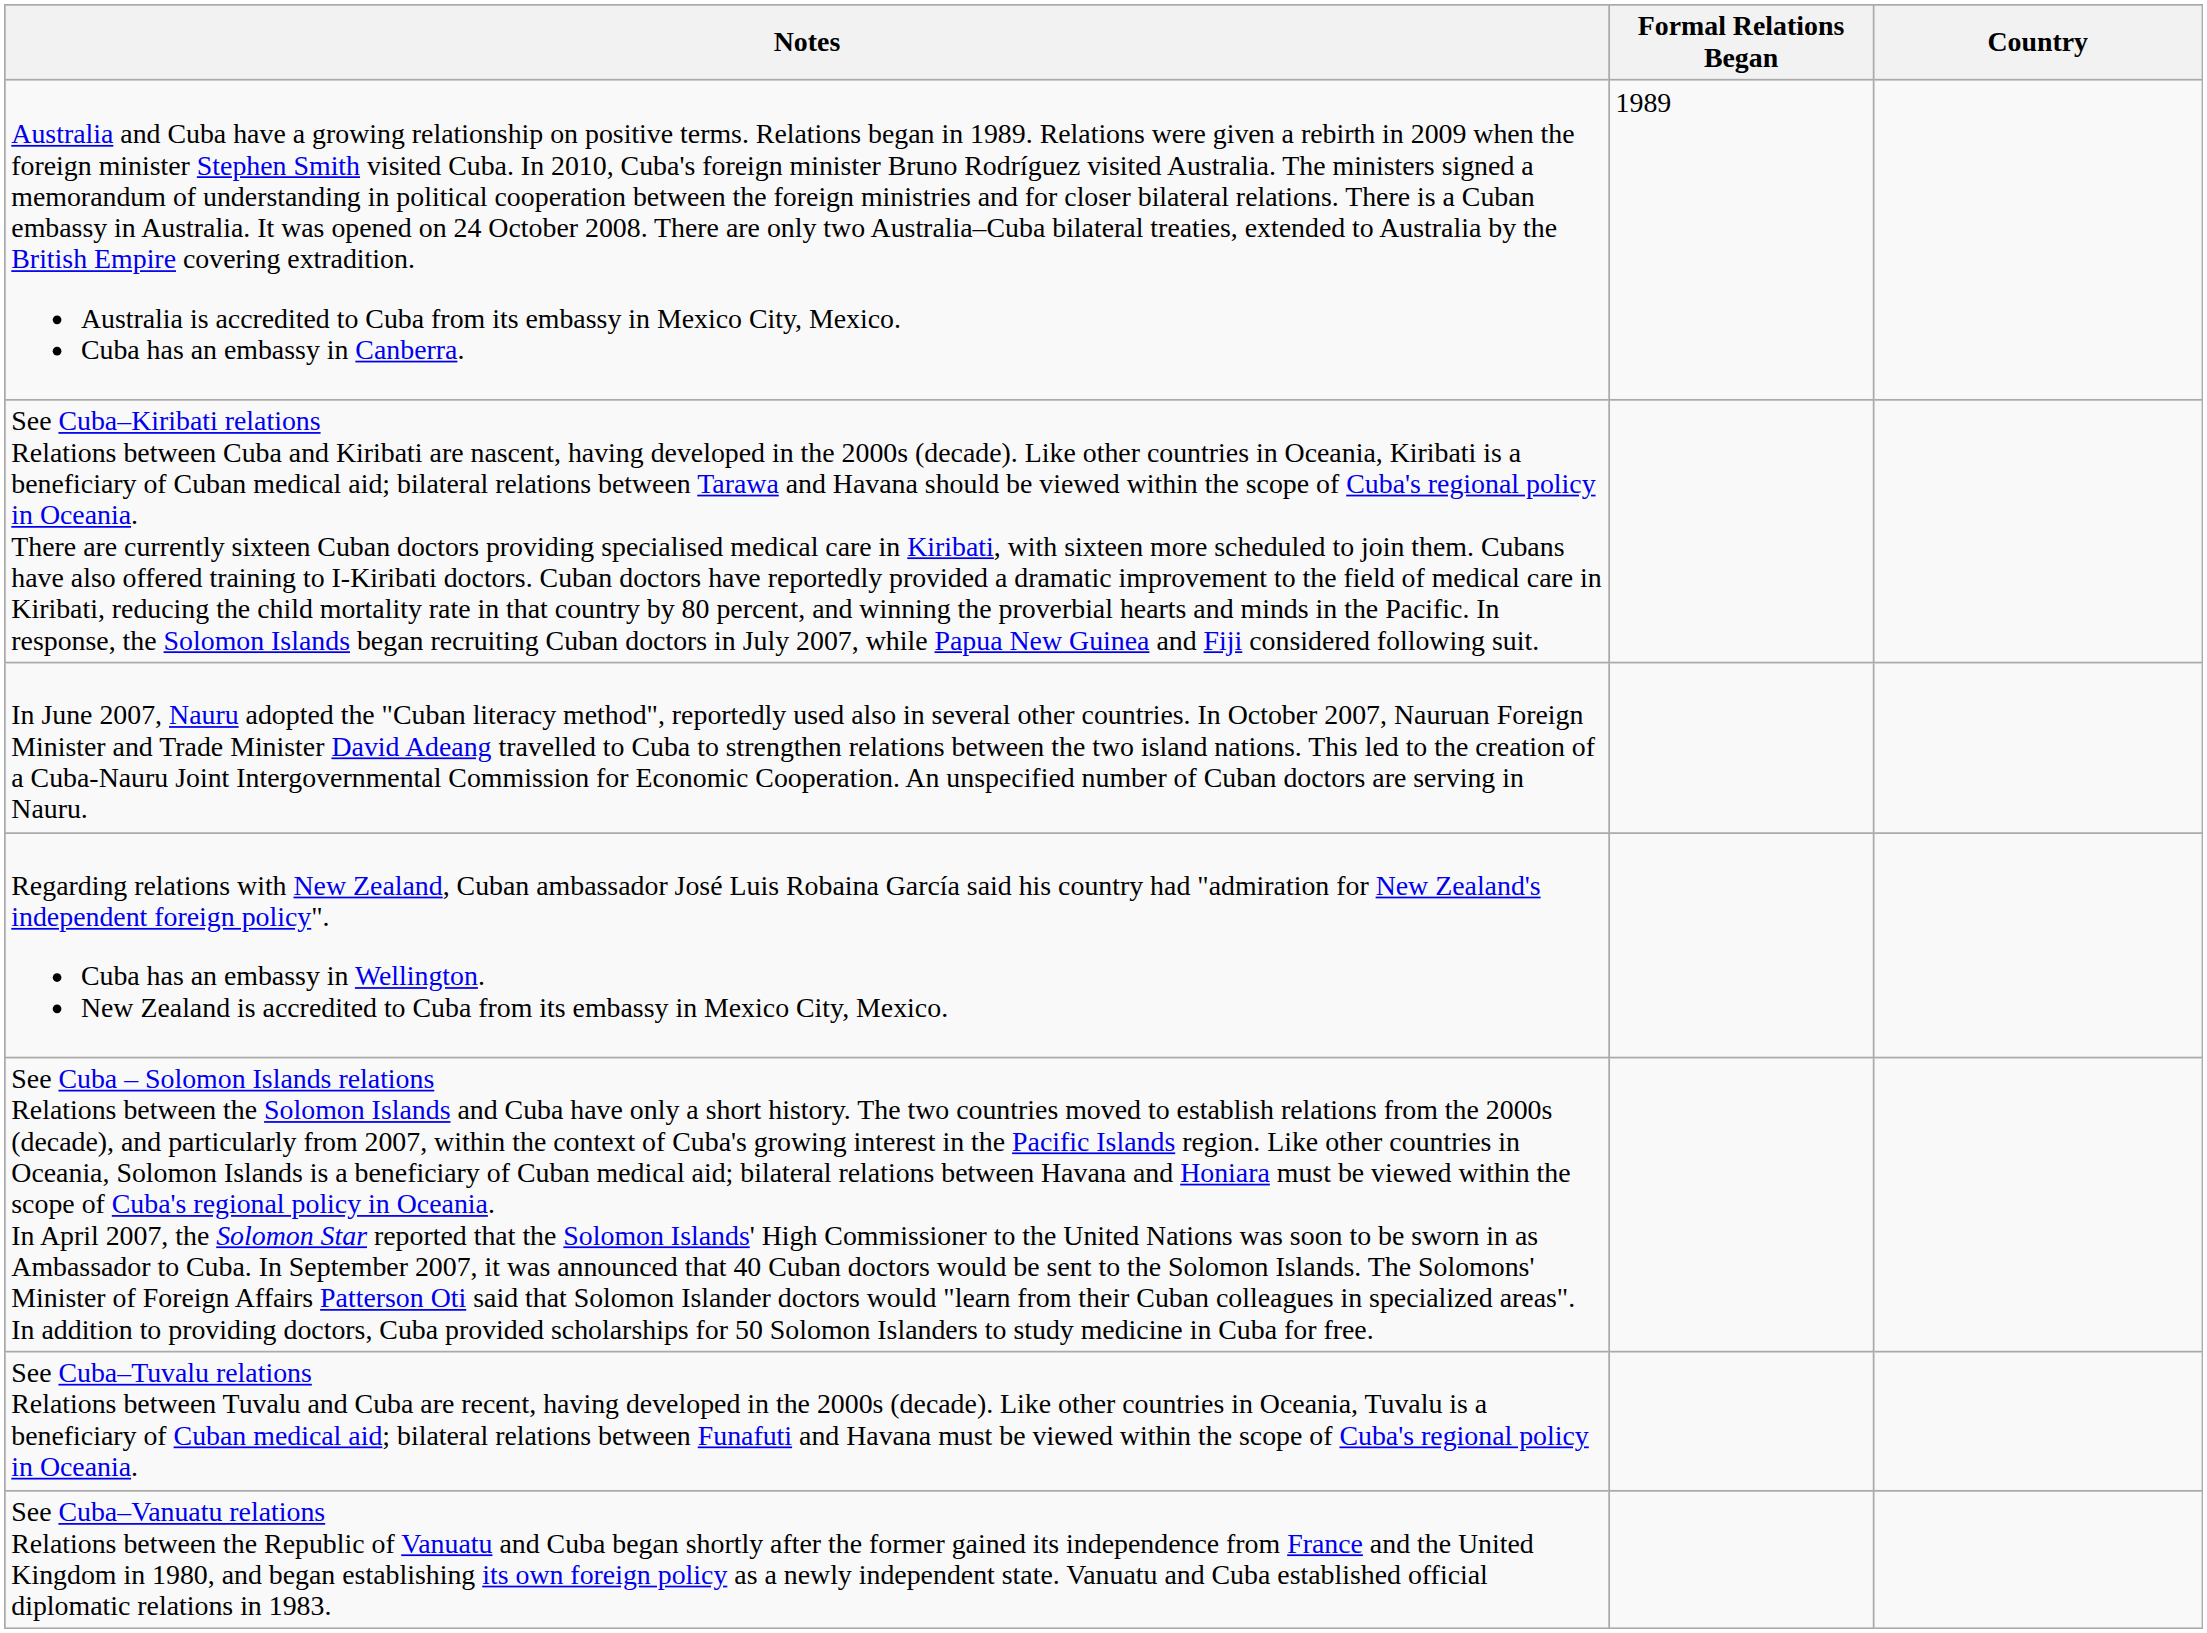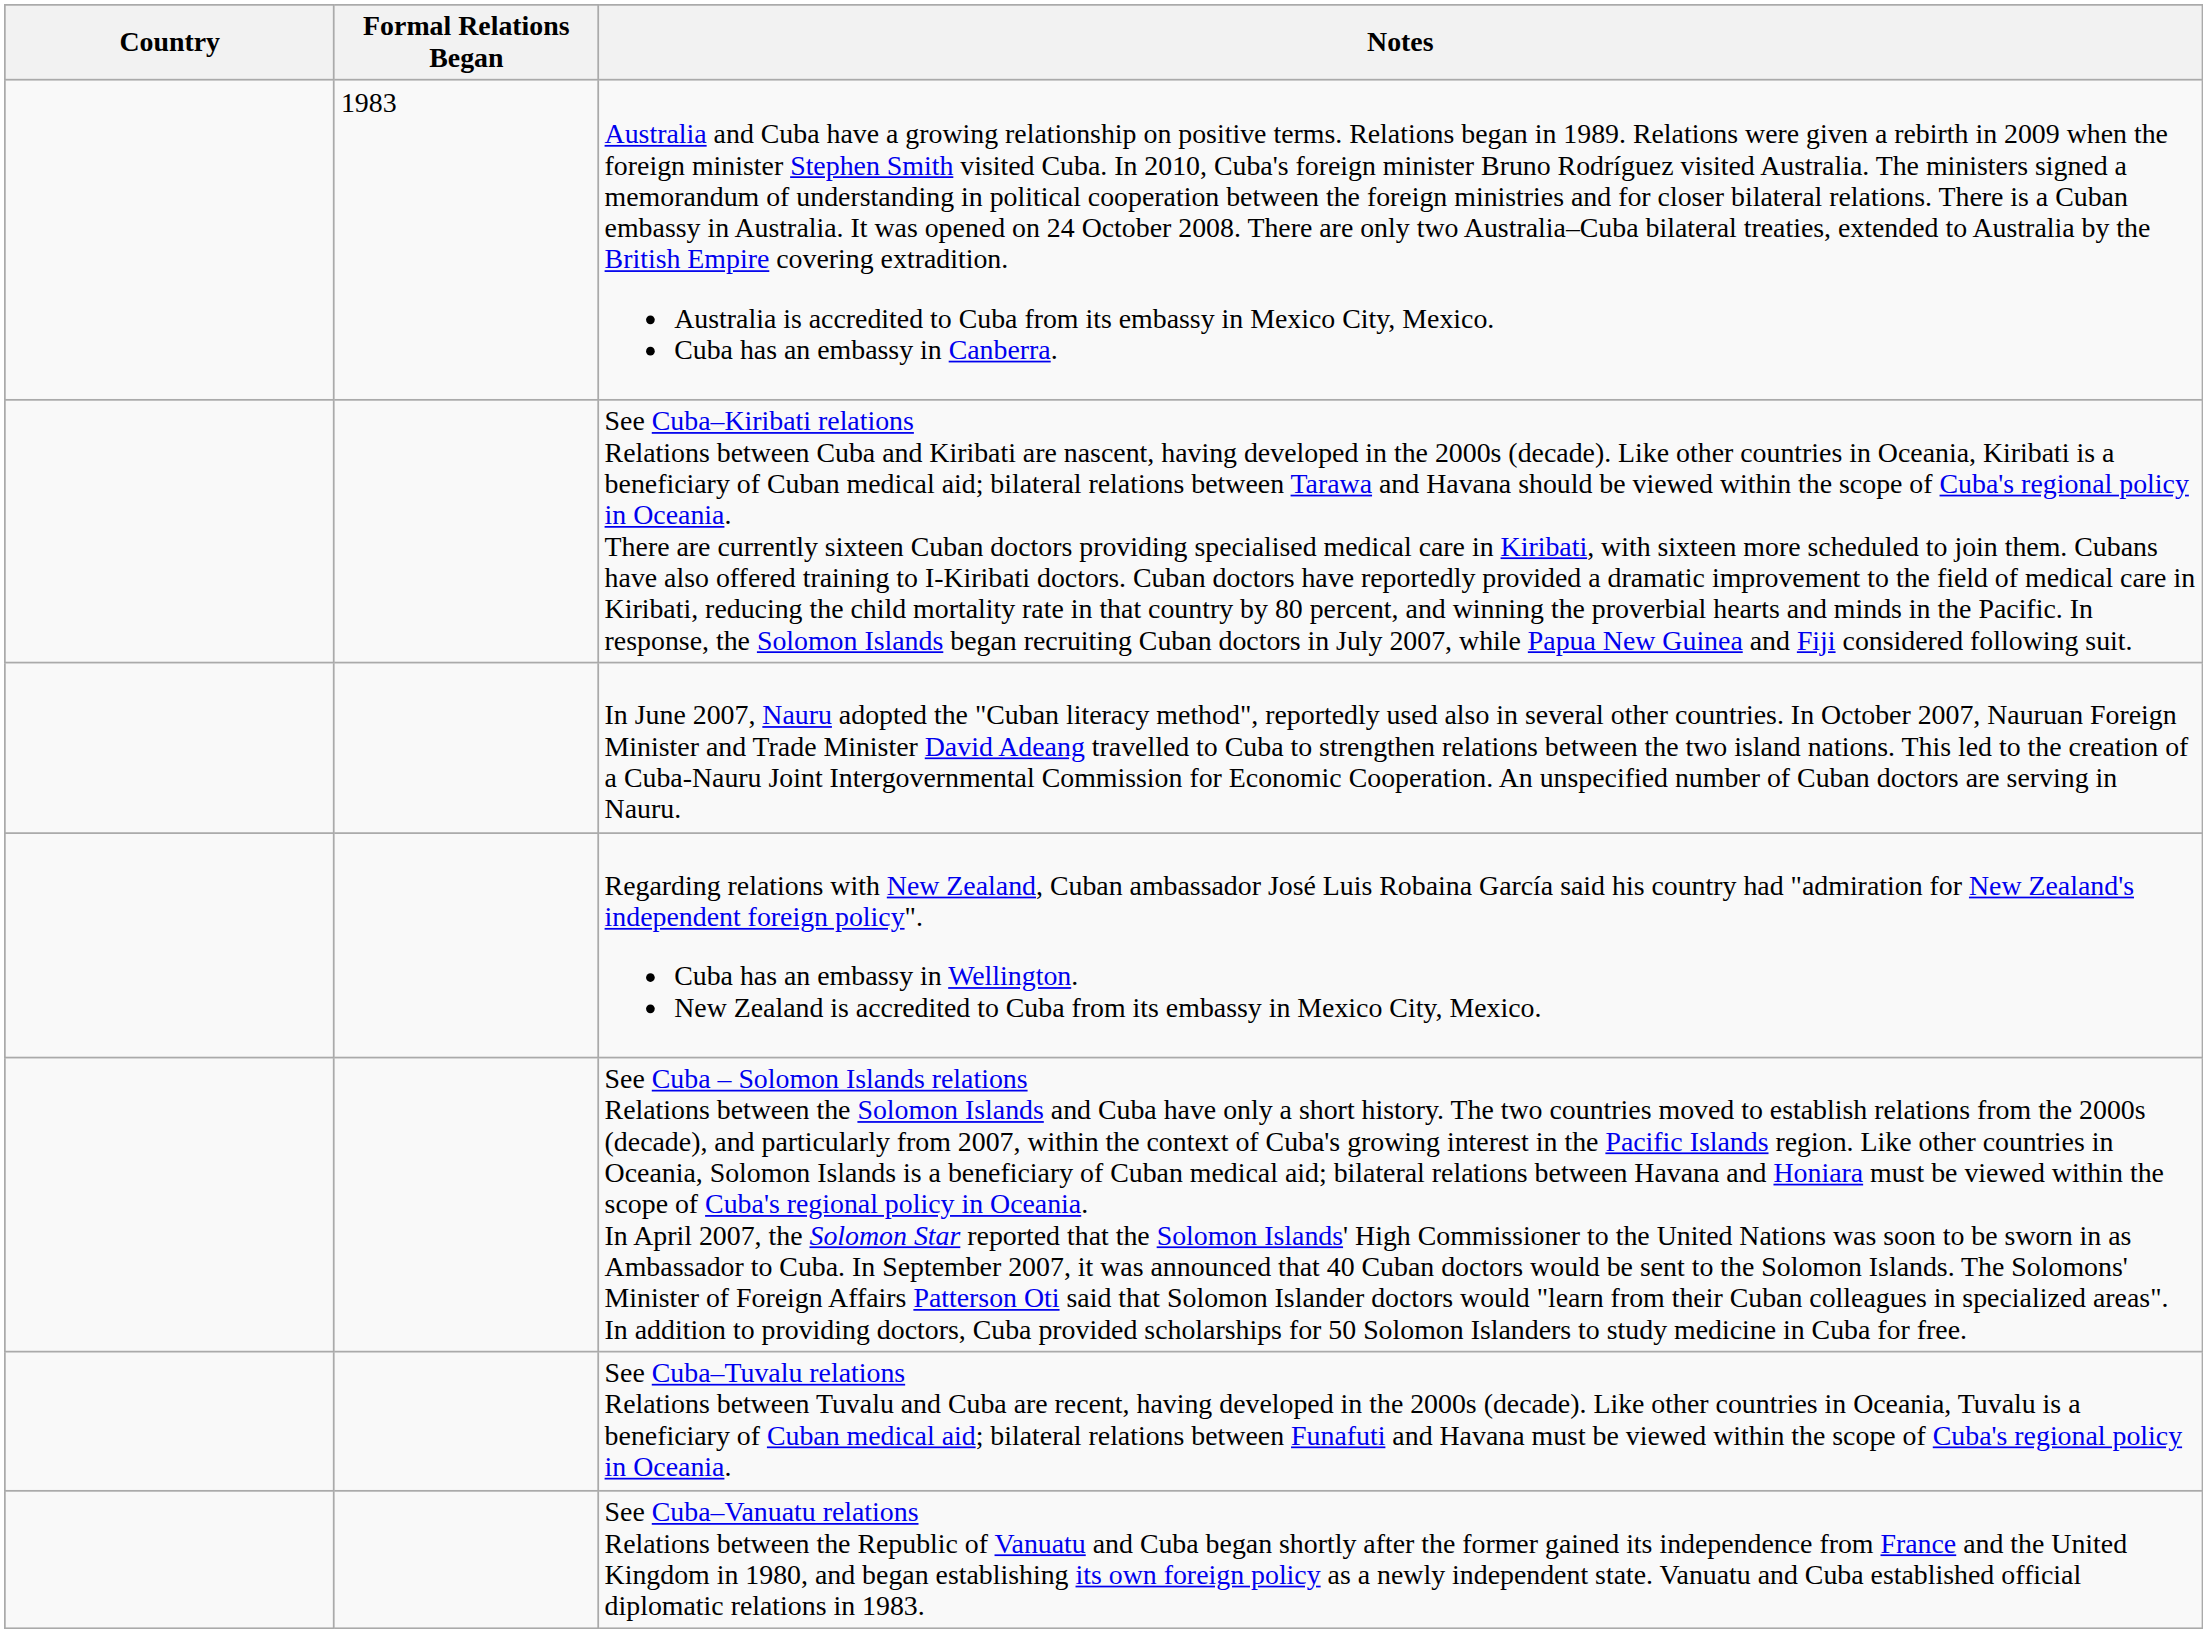 <table class="wikitable sortable" style="width:100%; margin:auto;">
 <tr>
+<th style="width:15%;">Country</th>
+<th style="width:12%;">Formal Relations Began</th>
 <th>Notes</th>
-<th style="width:12%;">Formal Relations Began</th>
-<th style="width:15%;">Country</th>
 </tr>
 <tr valign="top">
+<td></td>
+<td>1983</td>
 <td><br><a href='#'>Australia</a> and Cuba have a growing relationship on positive terms. Relations began in 1989. Relations were given a rebirth in 2009 when the foreign minister <a href='#'>Stephen Smith</a> visited Cuba. In 2010, Cuba's foreign minister Bruno Rodríguez visited Australia. The ministers signed a memorandum of understanding in political cooperation between the foreign ministries and for closer bilateral relations. There is a Cuban embassy in Australia. It was opened on 24 October 2008. There are only two Australia–Cuba bilateral treaties, extended to Australia by the <a href='#'>British Empire</a> covering extradition.<ul><li>Australia is accredited to Cuba from its embassy in Mexico City, Mexico.</li><li>Cuba has an embassy in <a href='#'>Canberra</a>.</li></ul></td>
-<td>1989</td>
-<td></td>
 </tr>
 <tr valign="top">
-<td>See <a href='#'>Cuba–Kiribati relations</a><br>Relations between Cuba and Kiribati are nascent, having developed in the 2000s (decade). Like other countries in Oceania, Kiribati is a beneficiary of Cuban medical aid; bilateral relations between <a href='#'>Tarawa</a> and Havana should be viewed within the scope of <a href='#'>Cuba's regional policy in Oceania</a>.<br>There are currently sixteen Cuban doctors providing specialised medical care in <a href='#'>Kiribati</a>, with sixteen more scheduled to join them. Cubans have also offered training to I-Kiribati doctors. Cuban doctors have reportedly provided a dramatic improvement to the field of medical care in Kiribati, reducing the child mortality rate in that country by 80 percent, and winning the proverbial hearts and minds in the Pacific. In response, the <a href='#'>Solomon Islands</a> began recruiting Cuban doctors in July 2007, while <a href='#'>Papua New Guinea</a> and <a href='#'>Fiji</a> considered following suit.</td>
 <td></td>
 <td></td>
+<td>See <a href='#'>Cuba–Kiribati relations</a><br>Relations between Cuba and Kiribati are nascent, having developed in the 2000s (decade). Like other countries in Oceania, Kiribati is a beneficiary of Cuban medical aid; bilateral relations between <a href='#'>Tarawa</a> and Havana should be viewed within the scope of <a href='#'>Cuba's regional policy in Oceania</a>.<br>There are currently sixteen Cuban doctors providing specialised medical care in <a href='#'>Kiribati</a>, with sixteen more scheduled to join them. Cubans have also offered training to I-Kiribati doctors. Cuban doctors have reportedly provided a dramatic improvement to the field of medical care in Kiribati, reducing the child mortality rate in that country by 80 percent, and winning the proverbial hearts and minds in the Pacific. In response, the <a href='#'>Solomon Islands</a> began recruiting Cuban doctors in July 2007, while <a href='#'>Papua New Guinea</a> and <a href='#'>Fiji</a> considered following suit.</td>
 </tr>
 <tr valign="top">
-<td><br>In June 2007, <a href='#'>Nauru</a> adopted the "Cuban literacy method", reportedly used also in several other countries. In October 2007, Nauruan Foreign Minister and Trade Minister <a href='#'>David Adeang</a> travelled to Cuba to strengthen relations between the two island nations. This led to the creation of a Cuba-Nauru Joint Intergovernmental Commission for Economic Cooperation. An unspecified number of Cuban doctors are serving in Nauru.</td>
 <td></td>
 <td></td>
+<td><br>In June 2007, <a href='#'>Nauru</a> adopted the "Cuban literacy method", reportedly used also in several other countries. In October 2007, Nauruan Foreign Minister and Trade Minister <a href='#'>David Adeang</a> travelled to Cuba to strengthen relations between the two island nations. This led to the creation of a Cuba-Nauru Joint Intergovernmental Commission for Economic Cooperation. An unspecified number of Cuban doctors are serving in Nauru.</td>
 </tr>
 <tr valign="top">
-<td><br>Regarding relations with <a href='#'>New Zealand</a>, Cuban ambassador José Luis Robaina García said his country had "admiration for <a href='#'>New Zealand's independent foreign policy</a>".<ul><li>Cuba has an embassy in <a href='#'>Wellington</a>.</li><li>New Zealand is accredited to Cuba from its embassy in Mexico City, Mexico.</li></ul></td>
 <td></td>
 <td></td>
+<td><br>Regarding relations with <a href='#'>New Zealand</a>, Cuban ambassador José Luis Robaina García said his country had "admiration for <a href='#'>New Zealand's independent foreign policy</a>".<ul><li>Cuba has an embassy in <a href='#'>Wellington</a>.</li><li>New Zealand is accredited to Cuba from its embassy in Mexico City, Mexico.</li></ul></td>
 </tr>
 <tr valign="top">
-<td>See <a href='#'>Cuba – Solomon Islands relations</a><br>Relations between the <a href='#'>Solomon Islands</a> and Cuba have only a short history. The two countries moved to establish relations from the 2000s (decade), and particularly from 2007, within the context of Cuba's growing interest in the <a href='#'>Pacific Islands</a> region. Like other countries in Oceania, Solomon Islands is a beneficiary of Cuban medical aid; bilateral relations between Havana and <a href='#'>Honiara</a> must be viewed within the scope of <a href='#'>Cuba's regional policy in Oceania</a>.<br>In April 2007, the <em><a href='#'>Solomon Star</a></em> reported that the <a href='#'>Solomon Islands</a>' High Commissioner to the United Nations was soon to be sworn in as Ambassador to Cuba. In September 2007, it was announced that 40 Cuban doctors would be sent to the Solomon Islands. The Solomons' Minister of Foreign Affairs <a href='#'>Patterson Oti</a> said that Solomon Islander doctors would "learn from their Cuban colleagues in specialized areas". In addition to providing doctors, Cuba provided scholarships for 50 Solomon Islanders to study medicine in Cuba for free.</td>
 <td></td>
 <td></td>
+<td>See <a href='#'>Cuba – Solomon Islands relations</a><br>Relations between the <a href='#'>Solomon Islands</a> and Cuba have only a short history. The two countries moved to establish relations from the 2000s (decade), and particularly from 2007, within the context of Cuba's growing interest in the <a href='#'>Pacific Islands</a> region. Like other countries in Oceania, Solomon Islands is a beneficiary of Cuban medical aid; bilateral relations between Havana and <a href='#'>Honiara</a> must be viewed within the scope of <a href='#'>Cuba's regional policy in Oceania</a>.<br>In April 2007, the <em><a href='#'>Solomon Star</a></em> reported that the <a href='#'>Solomon Islands</a>' High Commissioner to the United Nations was soon to be sworn in as Ambassador to Cuba. In September 2007, it was announced that 40 Cuban doctors would be sent to the Solomon Islands. The Solomons' Minister of Foreign Affairs <a href='#'>Patterson Oti</a> said that Solomon Islander doctors would "learn from their Cuban colleagues in specialized areas". In addition to providing doctors, Cuba provided scholarships for 50 Solomon Islanders to study medicine in Cuba for free.</td>
 </tr>
 <tr valign="top">
-<td>See <a href='#'>Cuba–Tuvalu relations</a><br>Relations between Tuvalu and Cuba are recent, having developed in the 2000s (decade). Like other countries in Oceania, Tuvalu is a beneficiary of <a href='#'>Cuban medical aid</a>; bilateral relations between <a href='#'>Funafuti</a> and Havana must be viewed within the scope of <a href='#'>Cuba's regional policy in Oceania</a>.</td>
 <td></td>
 <td></td>
+<td>See <a href='#'>Cuba–Tuvalu relations</a><br>Relations between Tuvalu and Cuba are recent, having developed in the 2000s (decade). Like other countries in Oceania, Tuvalu is a beneficiary of <a href='#'>Cuban medical aid</a>; bilateral relations between <a href='#'>Funafuti</a> and Havana must be viewed within the scope of <a href='#'>Cuba's regional policy in Oceania</a>.</td>
 </tr>
 <tr valign="top">
-<td>See <a href='#'>Cuba–Vanuatu relations</a><br>Relations between the Republic of <a href='#'>Vanuatu</a> and Cuba began shortly after the former gained its independence from <a href='#'>France</a> and the United Kingdom in 1980, and began establishing <a href='#'>its own foreign policy</a> as a newly independent state. Vanuatu and Cuba established official diplomatic relations in 1983.</td>
 <td></td>
 <td></td>
+<td>See <a href='#'>Cuba–Vanuatu relations</a><br>Relations between the Republic of <a href='#'>Vanuatu</a> and Cuba began shortly after the former gained its independence from <a href='#'>France</a> and the United Kingdom in 1980, and began establishing <a href='#'>its own foreign policy</a> as a newly independent state. Vanuatu and Cuba established official diplomatic relations in 1983.</td>
 </tr>
 </table>
